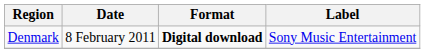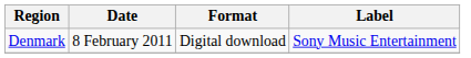 <table class=wikitable>
 <tr>
 <th>Region</th>
 <th>Date</th>
 <th>Format</th>
 <th>Label</th>
 </tr>
 <tr>
 <td><a href='#'>Denmark</a></td>
 <td>8 February 2011</td>
-<td><strong>Digital download</strong></td>
+<td>Digital download</td>
 <td><a href='#'>Sony Music Entertainment</a></td>
 </tr>
 <tr>
 </tr>
 </table>
